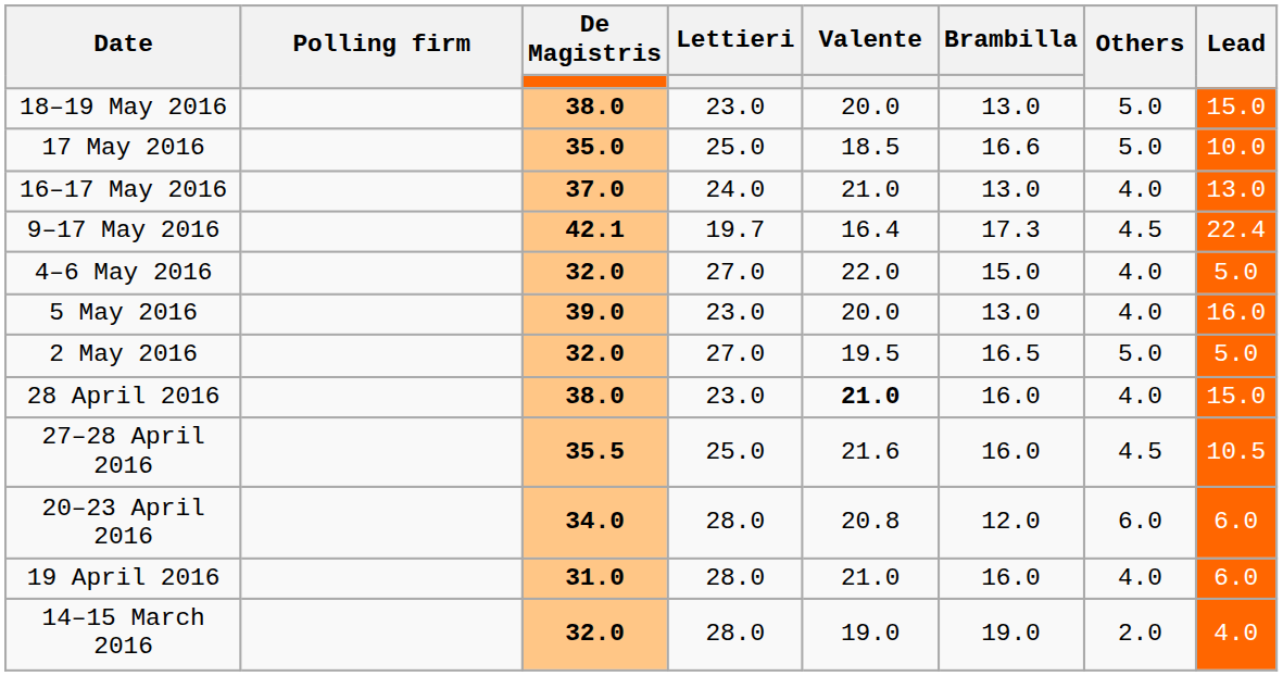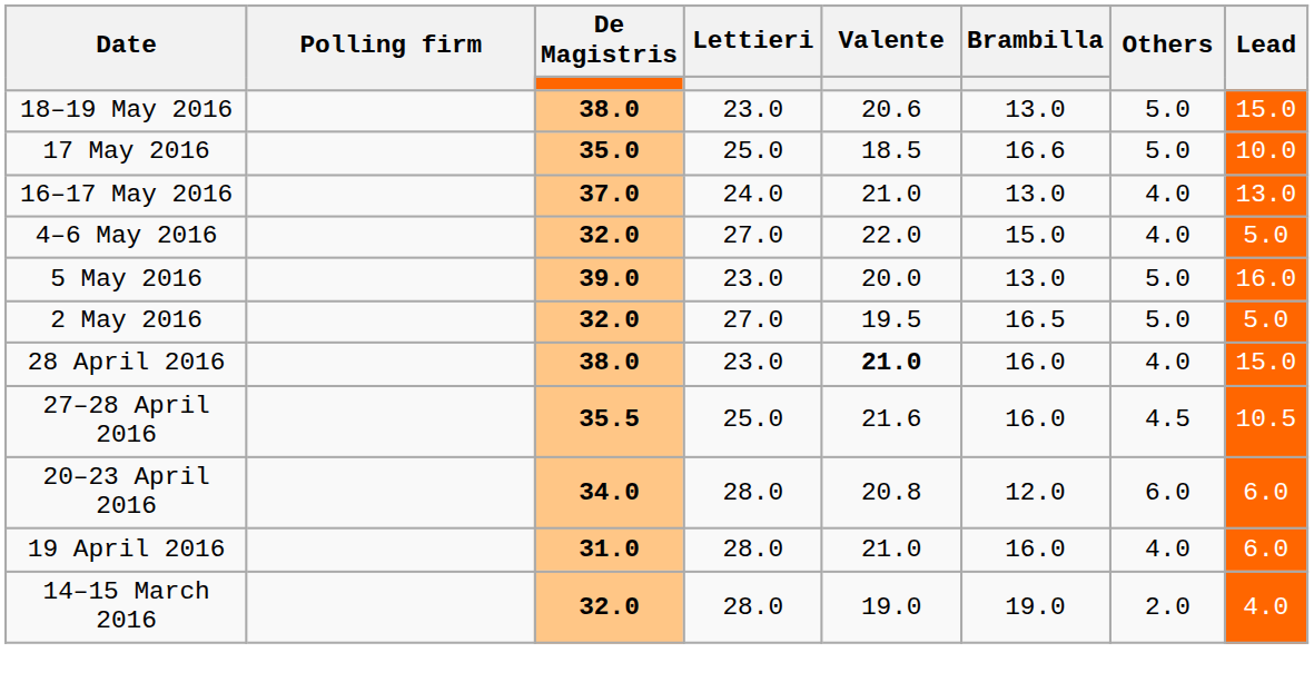 <table class=wikitable style="text-align:center;font-size:85%;line-height:13px">
 <tr style="height:30px; background-color:#E9E9E9">
 <th style="width:100px;" rowspan="2">Date</th>
 <th style="width:120px;" rowspan="2">Polling firm</th>
 <th style="width:55px;">De Magistris</th>
 <th style="width:55px;">Lettieri</th>
 <th style="width:55px;">Valente</th>
 <th style="width:55px;">Brambilla</th>
 <th style="width:45px;" rowspan="2">Others</th>
 <th style="width:30px;" rowspan="2">Lead</th>
 </tr>
 <tr>
 <th style="background:#FF6600;"></th>
 <th style="background:"></th>
 <th style="background:"></th>
 <th style="background:"></th>
 </tr>
 <tr>
 <td>18–19 May 2016</td>
 <td></td>
 <td style="background:#FFC686"><strong>38.0</strong></td>
 <td>23.0</td>
-<td>20.0</td>
+<td>20.6</td>
 <td>13.0</td>
 <td>5.0</td>
 <td style="background:#FF6600; color:white;">15.0</td>
 </tr>
 <tr>
 <td>17 May 2016</td>
 <td></td>
 <td style="background:#FFC686"><strong>35.0</strong></td>
 <td>25.0</td>
 <td>18.5</td>
 <td>16.6</td>
 <td>5.0</td>
 <td style="background:#FF6600; color:white;">10.0</td>
 </tr>
 <tr>
 <td>16–17 May 2016</td>
 <td></td>
 <td style="background:#FFC686"><strong>37.0</strong></td>
 <td>24.0</td>
 <td>21.0</td>
 <td>13.0</td>
 <td>4.0</td>
 <td style="background:#FF6600; color:white;">13.0</td>
 </tr>
 <tr>
-<td>9–17 May 2016</td>
-<td></td>
-<td style="background:#FFC686"><strong>42.1</strong></td>
-<td>19.7</td>
-<td>16.4</td>
-<td>17.3</td>
-<td>4.5</td>
-<td style="background:#FF6600; color:white;">22.4</td>
-</tr>
-<tr>
 <td>4–6 May 2016</td>
 <td></td>
 <td style="background:#FFC686"><strong>32.0</strong></td>
 <td>27.0</td>
 <td>22.0</td>
 <td>15.0</td>
 <td>4.0</td>
 <td style="background:#FF6600; color:white;">5.0</td>
 </tr>
 <tr>
 <td>5 May 2016</td>
 <td></td>
 <td style="background:#FFC686"><strong>39.0</strong></td>
 <td>23.0</td>
 <td>20.0</td>
 <td>13.0</td>
-<td>4.0</td>
+<td>5.0</td>
 <td style="background:#FF6600; color:white;">16.0</td>
 </tr>
 <tr>
 <td>2 May 2016</td>
 <td></td>
 <td style="background:#FFC686"><strong>32.0</strong></td>
 <td>27.0</td>
 <td>19.5</td>
 <td>16.5</td>
 <td>5.0</td>
 <td style="background:#FF6600; color:white;">5.0</td>
 </tr>
 <tr>
 <td>28 April 2016</td>
 <td></td>
 <td style="background:#FFC686"><strong>38.0</strong></td>
 <td>23.0</td>
 <td><strong>21.0</strong></td>
 <td>16.0</td>
 <td>4.0</td>
 <td style="background:#FF6600; color:white;">15.0</td>
 </tr>
 <tr>
 <td>27–28 April 2016</td>
 <td></td>
 <td style="background:#FFC686"><strong>35.5</strong></td>
 <td>25.0</td>
 <td>21.6</td>
 <td>16.0</td>
 <td>4.5</td>
 <td style="background:#FF6600; color:white;">10.5</td>
 </tr>
 <tr>
 <td>20–23 April 2016</td>
 <td></td>
 <td style="background:#FFC686"><strong>34.0</strong></td>
 <td>28.0</td>
 <td>20.8</td>
 <td>12.0</td>
 <td>6.0</td>
 <td style="background:#FF6600; color:white;">6.0</td>
 </tr>
 <tr>
 <td>19 April 2016</td>
 <td></td>
 <td style="background:#FFC686"><strong>31.0</strong></td>
 <td>28.0</td>
 <td>21.0</td>
 <td>16.0</td>
 <td>4.0</td>
 <td style="background:#FF6600; color:white;">6.0</td>
 </tr>
 <tr>
 <td>14–15 March 2016</td>
 <td></td>
 <td style="background:#FFC686"><strong>32.0</strong></td>
 <td>28.0</td>
 <td>19.0</td>
 <td>19.0</td>
 <td>2.0</td>
 <td style="background:#FF6600; color:white;">4.0</td>
 </tr>
 </table>
